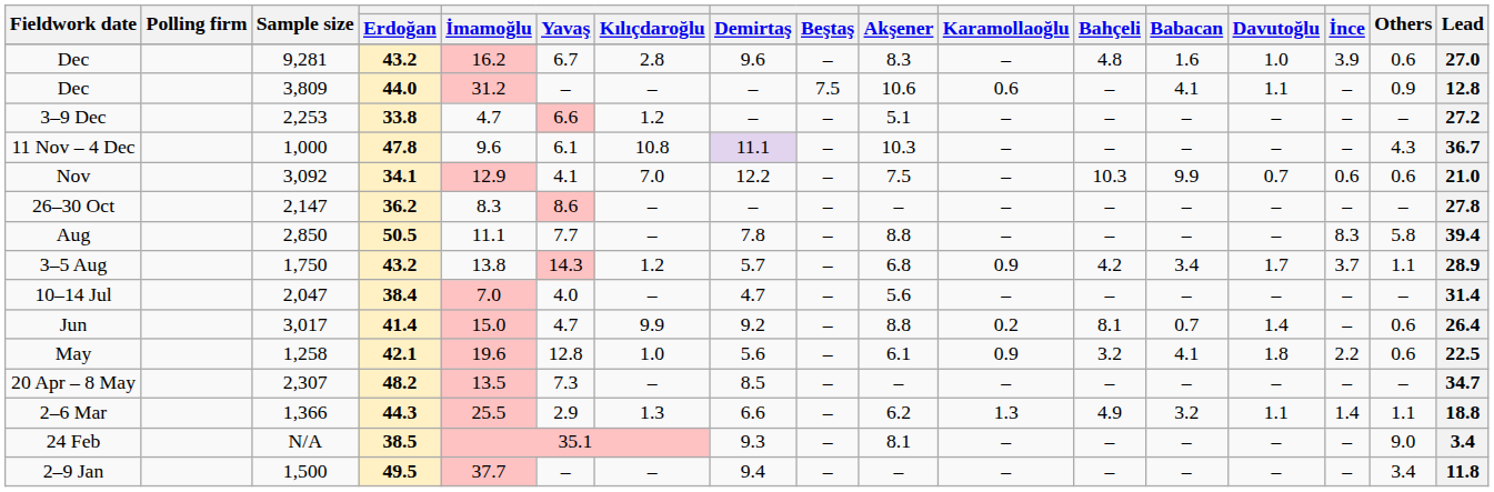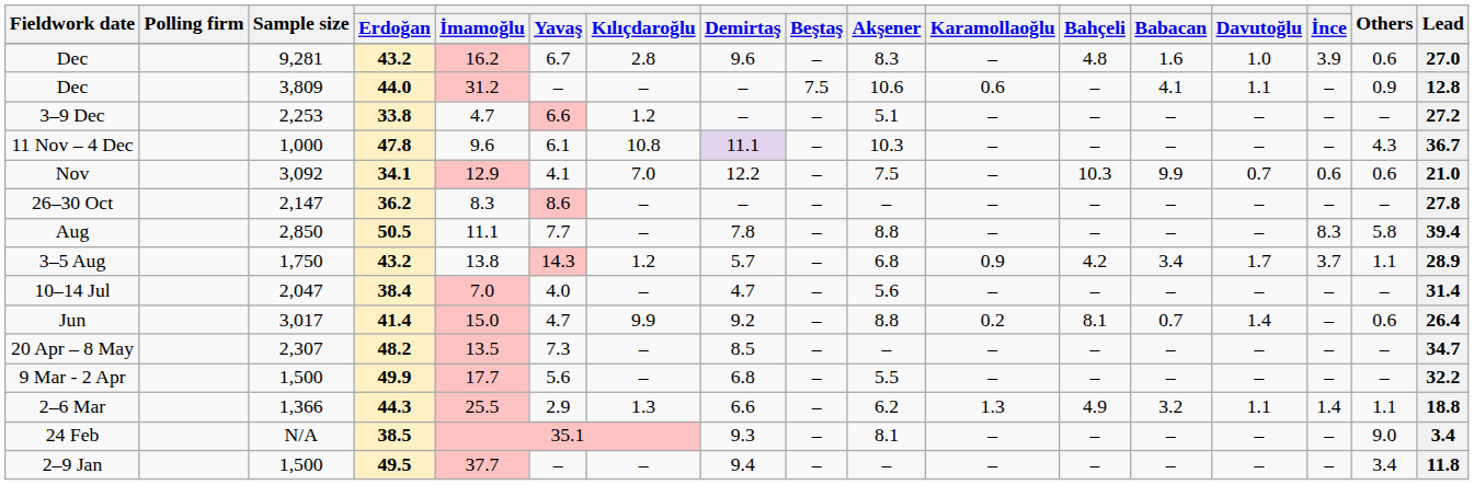 <table class="wikitable mw-datatable mw-collapsible mw-collapsed" style="text-align:center; font-size:85%; line-height:14px;">
 <tr>
 <th rowspan="2">Fieldwork date</th>
 <th rowspan="2">Polling firm</th>
 <th rowspan="2">Sample size</th>
 <th style="background:"></th>
 <th colspan="3" style="background:"></th>
 <th colspan="2" style="background:"></th>
 <th style="background:"></th>
 <th style="background:"></th>
 <th style="background:"></th>
 <th style="background:"></th>
 <th style="background:"></th>
 <th style="background:"></th>
 <th rowspan="2">Others</th>
 <th rowspan="2">Lead</th>
 </tr>
 <tr>
 <th><a href='#'>Erdoğan</a><br></th>
 <th><a href='#'>İmamoğlu</a><br></th>
 <th><a href='#'>Yavaş</a><br></th>
 <th><a href='#'>Kılıçdaroğlu</a><br></th>
 <th><a href='#'>Demirtaş</a><br></th>
 <th><a href='#'>Beştaş</a><br></th>
 <th><a href='#'>Akşener</a><br></th>
 <th><a href='#'>Karamollaoğlu</a><br></th>
 <th><a href='#'>Bahçeli</a><br></th>
 <th><a href='#'>Babacan</a><br></th>
 <th><a href='#'>Davutoğlu</a><br></th>
 <th><a href='#'>İnce</a><br></th>
 </tr>
 <tr>
 </tr>
 <tr>
 <td>Dec</td>
 <td></td>
 <td>9,281</td>
 <td style="background:#FFF1C4"><strong>43.2</strong></td>
 <td style="background:#FFC2C2">16.2</td>
 <td>6.7</td>
 <td>2.8</td>
 <td>9.6</td>
 <td>–</td>
 <td>8.3</td>
 <td>–</td>
 <td>4.8</td>
 <td>1.6</td>
 <td>1.0</td>
 <td>3.9</td>
 <td>0.6</td>
 <th style="background:">27.0</th>
 </tr>
 <tr>
 <td>Dec</td>
 <td></td>
 <td>3,809</td>
 <td style="background:#FFF1C4"><strong>44.0</strong></td>
 <td style="background:#FFC2C2">31.2</td>
 <td>–</td>
 <td>–</td>
 <td>–</td>
 <td>7.5</td>
 <td>10.6</td>
 <td>0.6</td>
 <td>–</td>
 <td>4.1</td>
 <td>1.1</td>
 <td>–</td>
 <td>0.9</td>
 <th style="background:">12.8</th>
 </tr>
 <tr>
 <td>3–9 Dec</td>
 <td></td>
 <td>2,253</td>
 <td style="background:#FFF1C4"><strong>33.8</strong></td>
 <td>4.7</td>
 <td style="background:#FFC2C2">6.6</td>
 <td>1.2</td>
 <td>–</td>
 <td>–</td>
 <td>5.1</td>
 <td>–</td>
 <td>–</td>
 <td>–</td>
 <td>–</td>
 <td>–</td>
 <td>–</td>
 <th style="background:">27.2</th>
 </tr>
 <tr>
 <td>11 Nov – 4 Dec</td>
 <td></td>
 <td>1,000</td>
 <td style="background:#FFF1C4"><strong>47.8</strong></td>
 <td>9.6</td>
 <td>6.1</td>
 <td>10.8</td>
 <td style="background:#E2D3EE">11.1</td>
 <td>–</td>
 <td>10.3</td>
 <td>–</td>
 <td>–</td>
 <td>–</td>
 <td>–</td>
 <td>–</td>
 <td>4.3</td>
 <th style="background:">36.7</th>
 </tr>
 <tr>
 <td>Nov</td>
 <td></td>
 <td>3,092</td>
 <td style="background:#FFF1C4"><strong>34.1</strong></td>
 <td style="background:#FFC2C2">12.9</td>
 <td>4.1</td>
 <td>7.0</td>
 <td>12.2</td>
 <td>–</td>
 <td>7.5</td>
 <td>–</td>
 <td>10.3</td>
 <td>9.9</td>
 <td>0.7</td>
 <td>0.6</td>
 <td>0.6</td>
 <th style="background:">21.0</th>
 </tr>
 <tr>
 <td>26–30 Oct</td>
 <td></td>
 <td>2,147</td>
 <td style="background:#FFF1C4"><strong>36.2</strong></td>
 <td>8.3</td>
 <td style="background:#FFC2C2">8.6</td>
 <td>–</td>
 <td>–</td>
 <td>–</td>
 <td>–</td>
 <td>–</td>
 <td>–</td>
 <td>–</td>
 <td>–</td>
 <td>–</td>
 <td>–</td>
 <th style="background:">27.8</th>
 </tr>
 <tr>
 <td>Aug</td>
 <td></td>
 <td>2,850</td>
 <td style="background:#FFF1C4"><strong>50.5</strong></td>
 <td>11.1</td>
 <td>7.7</td>
 <td>–</td>
 <td>7.8</td>
 <td>–</td>
 <td>8.8</td>
 <td>–</td>
 <td>–</td>
 <td>–</td>
 <td>–</td>
 <td>8.3</td>
 <td>5.8</td>
 <th style="background:">39.4</th>
 </tr>
 <tr>
 <td>3–5 Aug</td>
 <td></td>
 <td>1,750</td>
 <td style="background:#FFF1C4"><strong>43.2</strong></td>
 <td>13.8</td>
 <td style="background:#FFC2C2">14.3</td>
 <td>1.2</td>
 <td>5.7</td>
 <td>–</td>
 <td>6.8</td>
 <td>0.9</td>
 <td>4.2</td>
 <td>3.4</td>
 <td>1.7</td>
 <td>3.7</td>
 <td>1.1</td>
 <th style="background:">28.9</th>
 </tr>
 <tr>
 <td>10–14 Jul</td>
 <td></td>
 <td>2,047</td>
 <td style="background:#FFF1C4"><strong>38.4</strong></td>
 <td style="background:#FFC2C2">7.0</td>
 <td>4.0</td>
 <td>–</td>
 <td>4.7</td>
 <td>–</td>
 <td>5.6</td>
 <td>–</td>
 <td>–</td>
 <td>–</td>
 <td>–</td>
 <td>–</td>
 <td>–</td>
 <th style="background:">31.4</th>
 </tr>
 <tr>
 <td>Jun</td>
 <td></td>
 <td>3,017</td>
 <td style="background:#FFF1C4"><strong>41.4</strong></td>
 <td style="background:#FFC2C2">15.0</td>
 <td>4.7</td>
 <td>9.9</td>
 <td>9.2</td>
 <td>–</td>
 <td>8.8</td>
 <td>0.2</td>
 <td>8.1</td>
 <td>0.7</td>
 <td>1.4</td>
 <td>–</td>
 <td>0.6</td>
 <th style="background:">26.4</th>
 </tr>
 <tr>
-<td>May</td>
-<td></td>
-<td>1,258</td>
-<td style="background:#FFF1C4"><strong>42.1</strong></td>
-<td style="background:#FFC2C2">19.6</td>
-<td>12.8</td>
-<td>1.0</td>
-<td>5.6</td>
-<td>–</td>
-<td>6.1</td>
-<td>0.9</td>
-<td>3.2</td>
-<td>4.1</td>
-<td>1.8</td>
-<td>2.2</td>
-<td>0.6</td>
-<th style="background:">22.5</th>
-</tr>
-<tr>
 <td>20 Apr – 8 May</td>
 <td></td>
 <td>2,307</td>
 <td style="background:#FFF1C4"><strong>48.2</strong></td>
 <td style="background:#FFC2C2">13.5</td>
 <td>7.3</td>
 <td>–</td>
 <td>8.5</td>
 <td>–</td>
 <td>–</td>
 <td>–</td>
 <td>–</td>
 <td>–</td>
 <td>–</td>
 <td>–</td>
 <td>–</td>
 <th style="background:">34.7</th>
+</tr>
+<tr>
+<td>9 Mar - 2 Apr</td>
+<td></td>
+<td>1,500</td>
+<td style="background:#FFF1C4"><strong>49.9</strong></td>
+<td style="background:#FFC2C2">17.7</td>
+<td>5.6</td>
+<td>–</td>
+<td>6.8</td>
+<td>–</td>
+<td>5.5</td>
+<td>–</td>
+<td>–</td>
+<td>–</td>
+<td>–</td>
+<td>–</td>
+<td>–</td>
+<th style="background:">32.2</th>
 </tr>
 <tr>
 <td data-sort-value="2020-03-06">2–6 Mar</td>
 <td></td>
 <td>1,366</td>
 <td style="background:#FFF1C4"><strong>44.3</strong></td>
 <td style="background:#FFC2C2">25.5</td>
 <td>2.9</td>
 <td>1.3</td>
 <td>6.6</td>
 <td>–</td>
 <td>6.2</td>
 <td>1.3</td>
 <td>4.9</td>
 <td>3.2</td>
 <td>1.1</td>
 <td>1.4</td>
 <td>1.1</td>
 <th style="background:">18.8</th>
 </tr>
 <tr>
 <td data-sort-value="2020-02-24">24 Feb</td>
 <td></td>
 <td>N/A</td>
 <td style="background:#FFF1C4"><strong>38.5</strong></td>
 <td colspan="3" style="background:#FFC2C2">35.1</td>
 <td>9.3</td>
 <td>–</td>
 <td>8.1</td>
 <td>–</td>
 <td>–</td>
 <td>–</td>
 <td>–</td>
 <td>–</td>
 <td>9.0</td>
 <th style="background:">3.4</th>
 </tr>
 <tr>
 <td data-sort-value="2020-01-13">2–9 Jan</td>
 <td></td>
 <td>1,500</td>
 <td style="background:#FFF1C4"><strong>49.5</strong></td>
 <td style="background:#FFC2C2">37.7</td>
 <td>–</td>
 <td>–</td>
 <td>9.4</td>
 <td>–</td>
 <td>–</td>
 <td>–</td>
 <td>–</td>
 <td>–</td>
 <td>–</td>
 <td>–</td>
 <td>3.4</td>
 <th style="background:">11.8</th>
 </tr>
 </table>
